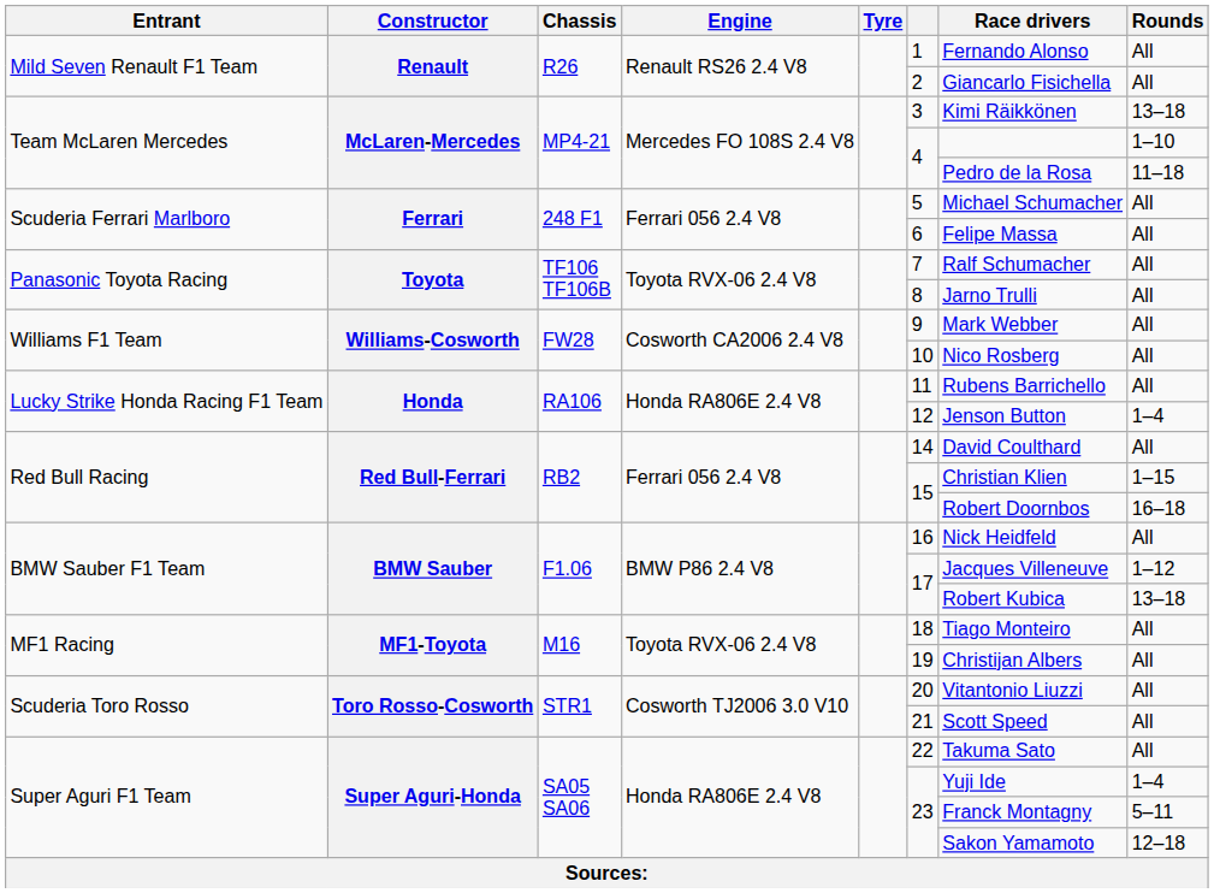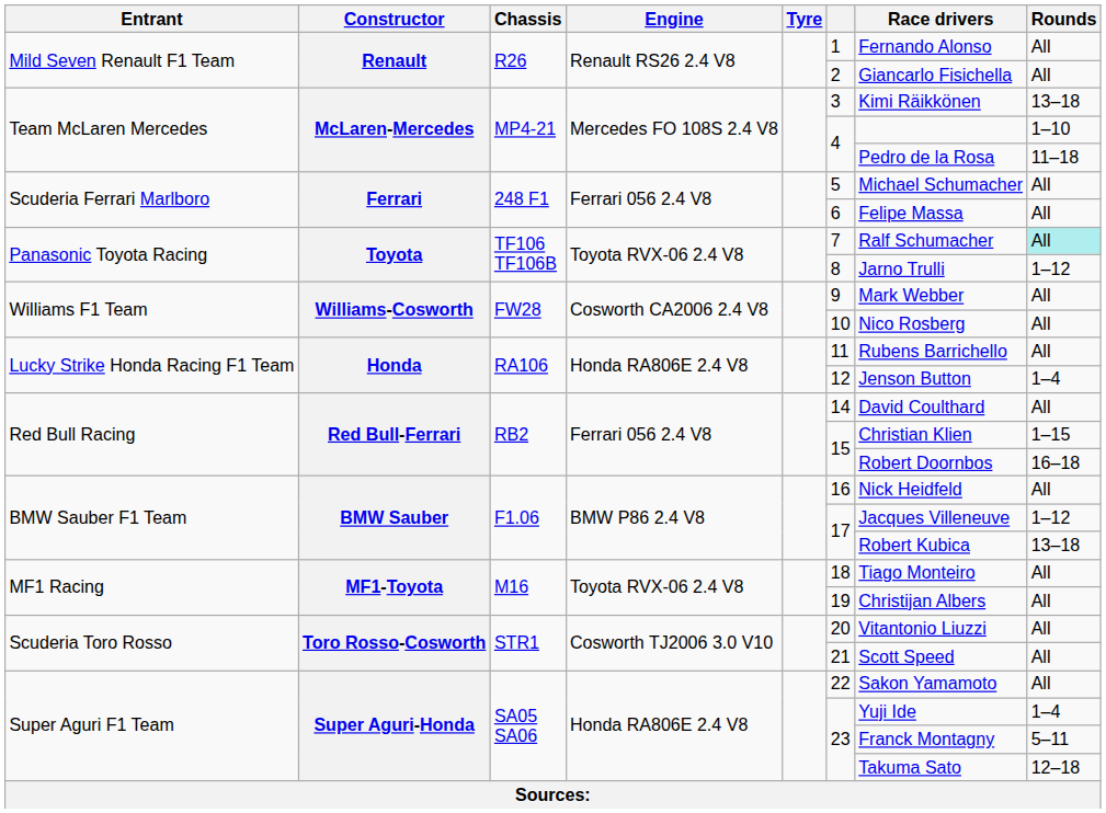 <table class="wikitable sortable" style="font-size: 85%">
 <tr>
 <th>Entrant</th>
 <th><a href='#'>Constructor</a></th>
 <th>Chassis</th>
 <th><a href='#'>Engine</a></th>
 <th><a href='#'>Tyre</a></th>
 <th></th>
 <th>Race drivers</th>
 <th>Rounds</th>
 </tr>
 <tr>
 <td rowspan=2> <a href='#'>Mild Seven</a> Renault F1 Team</td>
 <th rowspan=2><a href='#'>Renault</a></th>
 <td rowspan=2><a href='#'>R26</a></td>
 <td rowspan=2>Renault RS26 2.4 V8</td>
 <td rowspan=2></td>
 <td>1</td>
 <td> <a href='#'>Fernando Alonso</a></td>
 <td>All</td>
 </tr>
 <tr>
 <td>2</td>
 <td> <a href='#'>Giancarlo Fisichella</a></td>
 <td>All</td>
 </tr>
 <tr>
 <td rowspan=3> Team McLaren Mercedes</td>
 <th rowspan=3><a href='#'>McLaren</a>-<a href='#'>Mercedes</a></th>
 <td rowspan=3><a href='#'>MP4-21</a></td>
 <td rowspan=3>Mercedes FO 108S 2.4 V8</td>
 <td rowspan=3></td>
 <td>3</td>
 <td> <a href='#'>Kimi Räikkönen</a></td>
 <td>13–18</td>
 </tr>
 <tr>
 <td rowspan=2>4</td>
 <td></td>
 <td>1–10</td>
 </tr>
 <tr>
 <td> <a href='#'>Pedro de la Rosa</a></td>
 <td>11–18</td>
 </tr>
 <tr>
 <td rowspan=2> Scuderia Ferrari <a href='#'>Marlboro</a></td>
 <th rowspan=2><a href='#'>Ferrari</a></th>
 <td rowspan=2><a href='#'>248 F1</a></td>
 <td rowspan=2>Ferrari 056 2.4 V8</td>
 <td rowspan=2></td>
 <td>5</td>
 <td nowrap> <a href='#'>Michael Schumacher</a></td>
 <td>All</td>
 </tr>
 <tr>
 <td>6</td>
 <td> <a href='#'>Felipe Massa</a></td>
 <td>All</td>
 </tr>
 <tr>
 <td rowspan=2> <a href='#'>Panasonic</a> Toyota Racing</td>
 <th rowspan=2><a href='#'>Toyota</a></th>
 <td rowspan=2><a href='#'>TF106</a><br><a href='#'>TF106B</a></td>
 <td rowspan=2>Toyota RVX-06 2.4 V8</td>
 <td rowspan=2></td>
 <td>7</td>
 <td> <a href='#'>Ralf Schumacher</a></td>
-<td>All</td>
+<td style="background: paleturquoise;">All</td>
 </tr>
 <tr>
 <td>8</td>
 <td> <a href='#'>Jarno Trulli</a></td>
-<td>All</td>
+<td>1–12</td>
 </tr>
 <tr>
 <td rowspan=2> Williams F1 Team</td>
 <th rowspan=2><a href='#'>Williams</a>-<a href='#'>Cosworth</a></th>
 <td rowspan=2><a href='#'>FW28</a></td>
 <td rowspan=2>Cosworth CA2006 2.4 V8</td>
 <td rowspan=2></td>
 <td>9</td>
 <td> <a href='#'>Mark Webber</a></td>
 <td>All</td>
 </tr>
 <tr>
 <td>10</td>
 <td> <a href='#'>Nico Rosberg</a></td>
 <td>All</td>
 </tr>
 <tr>
 <td rowspan=2 nowrap> <a href='#'>Lucky Strike</a> Honda Racing F1 Team</td>
 <th rowspan=2><a href='#'>Honda</a></th>
 <td rowspan=2><a href='#'>RA106</a></td>
 <td rowspan=2>Honda RA806E 2.4 V8</td>
 <td rowspan=2></td>
 <td>11</td>
 <td> <a href='#'>Rubens Barrichello</a></td>
 <td>All</td>
 </tr>
 <tr>
 <td>12</td>
 <td> <a href='#'>Jenson Button</a></td>
 <td>1–4</td>
 </tr>
 <tr>
 <td rowspan=3> Red Bull Racing</td>
 <th rowspan=3><a href='#'>Red Bull</a>-<a href='#'>Ferrari</a></th>
 <td rowspan=3><a href='#'>RB2</a></td>
 <td rowspan=3>Ferrari 056 2.4 V8</td>
 <td rowspan=3></td>
 <td>14</td>
 <td> <a href='#'>David Coulthard</a></td>
 <td>All</td>
 </tr>
 <tr>
 <td rowspan=2>15</td>
 <td> <a href='#'>Christian Klien</a></td>
 <td>1–15</td>
 </tr>
 <tr>
 <td> <a href='#'>Robert Doornbos</a></td>
 <td>16–18</td>
 </tr>
 <tr>
 <td rowspan=3> BMW Sauber F1 Team</td>
 <th rowspan=3><a href='#'>BMW Sauber</a></th>
 <td rowspan=3><a href='#'>F1.06</a></td>
 <td rowspan=3>BMW P86 2.4 V8</td>
 <td rowspan=3></td>
 <td>16</td>
 <td> <a href='#'>Nick Heidfeld</a></td>
 <td>All</td>
 </tr>
 <tr>
 <td rowspan=2>17</td>
 <td> <a href='#'>Jacques Villeneuve</a></td>
 <td>1–12</td>
 </tr>
 <tr>
 <td> <a href='#'>Robert Kubica</a></td>
 <td>13–18</td>
 </tr>
 <tr>
 <td rowspan=2> MF1 Racing</td>
 <th rowspan=2><a href='#'>MF1</a>-<a href='#'>Toyota</a></th>
 <td rowspan=2><a href='#'>M16</a></td>
 <td rowspan=2>Toyota RVX-06 2.4 V8</td>
 <td rowspan=2></td>
 <td>18</td>
 <td> <a href='#'>Tiago Monteiro</a></td>
 <td>All</td>
 </tr>
 <tr>
 <td>19</td>
 <td> <a href='#'>Christijan Albers</a></td>
 <td>All</td>
 </tr>
 <tr>
 <td rowspan=2> Scuderia Toro Rosso</td>
 <th rowspan=2 nowrap><a href='#'>Toro Rosso</a>-<a href='#'>Cosworth</a></th>
 <td rowspan=2><a href='#'>STR1</a></td>
 <td rowspan=2 nowrap>Cosworth TJ2006 3.0 V10</td>
 <td rowspan=2></td>
 <td>20</td>
 <td> <a href='#'>Vitantonio Liuzzi</a></td>
 <td>All</td>
 </tr>
 <tr>
 <td>21</td>
 <td> <a href='#'>Scott Speed</a></td>
 <td>All</td>
 </tr>
 <tr>
 <td rowspan=4> Super Aguri F1 Team</td>
 <th rowspan=4><a href='#'>Super Aguri</a>-<a href='#'>Honda</a></th>
 <td rowspan=4><a href='#'>SA05</a><br><a href='#'>SA06</a></td>
 <td rowspan=4>Honda RA806E 2.4 V8</td>
 <td rowspan=4></td>
 <td>22</td>
-<td> <a href='#'>Takuma Sato</a></td>
+<td> <a href='#'>Sakon Yamamoto</a></td>
 <td>All</td>
 </tr>
 <tr>
 <td rowspan=3>23</td>
 <td> <a href='#'>Yuji Ide</a></td>
 <td>1–4</td>
 </tr>
 <tr>
 <td> <a href='#'>Franck Montagny</a></td>
 <td>5–11</td>
 </tr>
 <tr>
-<td> <a href='#'>Sakon Yamamoto</a></td>
+<td> <a href='#'>Takuma Sato</a></td>
 <td>12–18</td>
 </tr>
 <tr>
 <th colspan=10>Sources:</th>
 </tr>
 </table>
